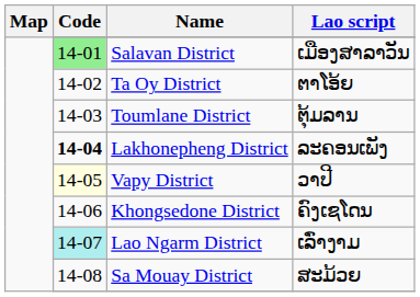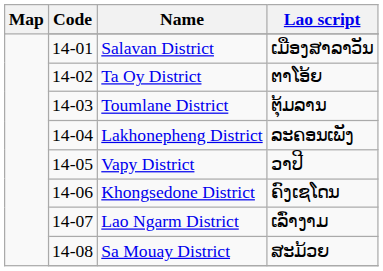 <table class="wikitable" style="font-size:90%">
 <tr>
 <th>Map</th>
 <th>Code</th>
 <th>Name</th>
 <th><a href='#'>Lao script</a></th>
 </tr>
 <tr>
 <td rowspan=12></td>
 </tr>
 <tr>
-<td style="background: lightgreen;">14-01</td>
+<td>14-01</td>
 <td><a href='#'>Salavan District</a></td>
 <td>ເມືອງສາລາວັນ</td>
 </tr>
 <tr>
 <td>14-02</td>
 <td><a href='#'>Ta Oy District</a></td>
 <td>ຕາໂອ້ຍ</td>
 </tr>
 <tr>
 <td>14-03</td>
 <td><a href='#'>Toumlane District</a></td>
 <td>ຕຸ້ມລານ</td>
 </tr>
 <tr>
-<td><strong>14-04</strong></td>
+<td>14-04</td>
 <td><a href='#'>Lakhonepheng District</a></td>
 <td>ລະຄອນເພັງ</td>
 </tr>
 <tr>
-<td style="background: lightyellow;">14-05</td>
+<td>14-05</td>
 <td><a href='#'>Vapy District</a></td>
 <td>ວາປີ</td>
 </tr>
 <tr>
 <td>14-06</td>
 <td><a href='#'>Khongsedone District</a></td>
 <td>ຄົງເຊໂດນ</td>
 </tr>
 <tr>
-<td style="background: paleturquoise;">14-07</td>
+<td>14-07</td>
 <td><a href='#'>Lao Ngarm District</a></td>
 <td>ເລົ່າງາມ</td>
 </tr>
 <tr>
 <td>14-08</td>
 <td><a href='#'>Sa Mouay District</a></td>
 <td>ສະມ້ວຍ</td>
 </tr>
 <tr>
 </tr>
 </table>
